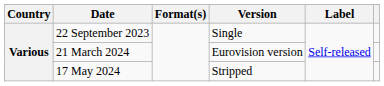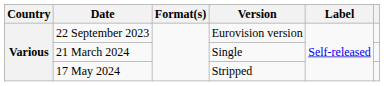 <table class="wikitable plainrowheaders">
 <tr>
 <th scope="col">Country</th>
 <th scope="col">Date</th>
 <th scope="col">Format(s)</th>
 <th scope="col">Version</th>
 <th scope="col">Label</th>
 <th scope="col"></th>
 </tr>
 <tr>
 <th scope="row" rowspan="3">Various</th>
 <td>22 September 2023</td>
 <td rowspan="3"></td>
-<td>Single</td>
+<td>Eurovision version</td>
 <td rowspan="3"><a href='#'>Self-released</a></td>
 <td align="center"></td>
 </tr>
 <tr>
 <td>21 March 2024</td>
-<td>Eurovision version</td>
+<td>Single</td>
 <td align="center"></td>
 </tr>
 <tr>
 <td>17 May 2024</td>
 <td>Stripped</td>
 <td align="center"></td>
 </tr>
 </table>
